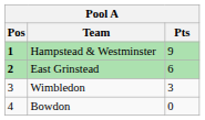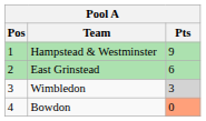 <table class="wikitable">
 <tr>
 <th colspan="6">Pool A</th>
 </tr>
 <tr>
 <th width=20>Pos</th>
 <th width=180>Team</th>
 <th width=40>Pts</th>
 </tr>
 <tr style="background:#ACE1AF;">
-<td><strong>1</strong></td>
+<td>1</td>
 <td style="text-align:left;">Hampstead & Westminster</td>
 <td>9</td>
 </tr>
 <tr style="background:#ACE1AF;">
-<td><strong>2</strong></td>
+<td>2</td>
 <td style="text-align:left;">East Grinstead</td>
 <td>6</td>
 </tr>
 <tr>
 <td>3</td>
 <td style="text-align:left;">Wimbledon</td>
-<td>3</td>
+<td style="background: lightgrey;">3</td>
 </tr>
 <tr>
 <td>4</td>
 <td style="text-align:left;">Bowdon</td>
-<td>0</td>
+<td style="background: lightsalmon;">0</td>
 </tr>
 </table>
